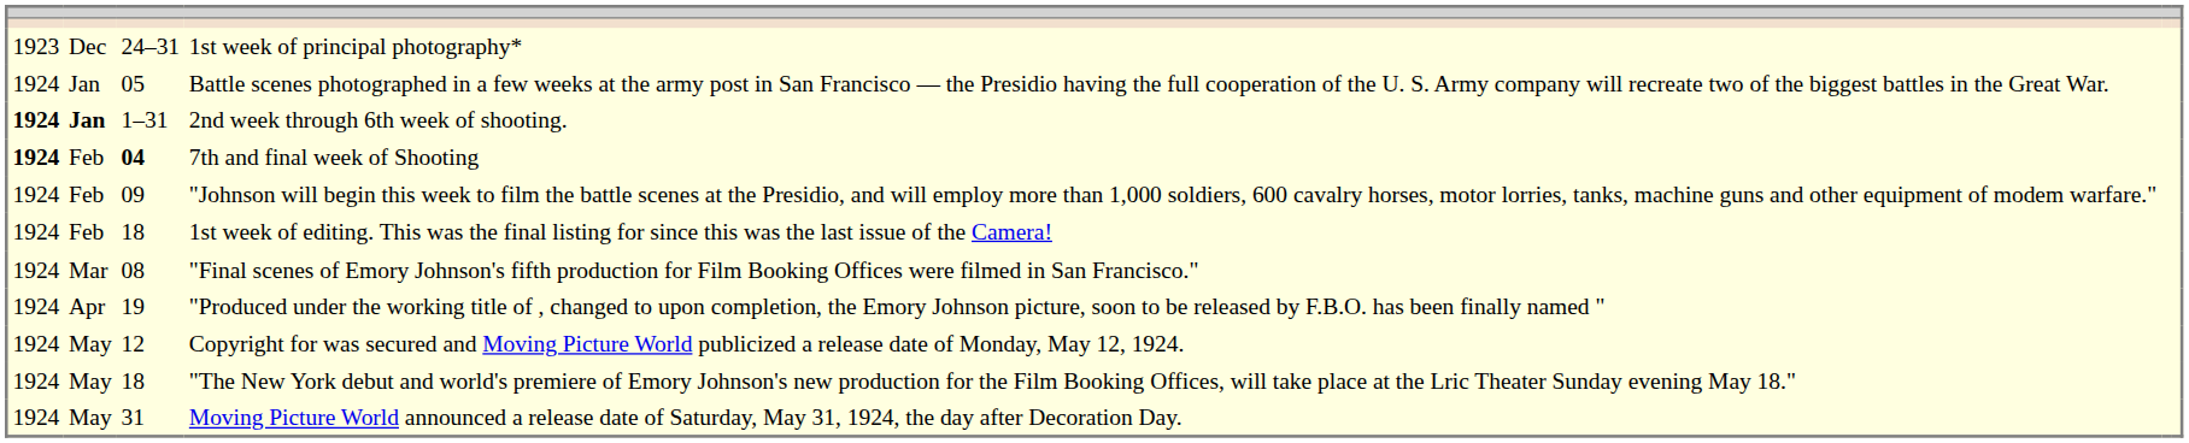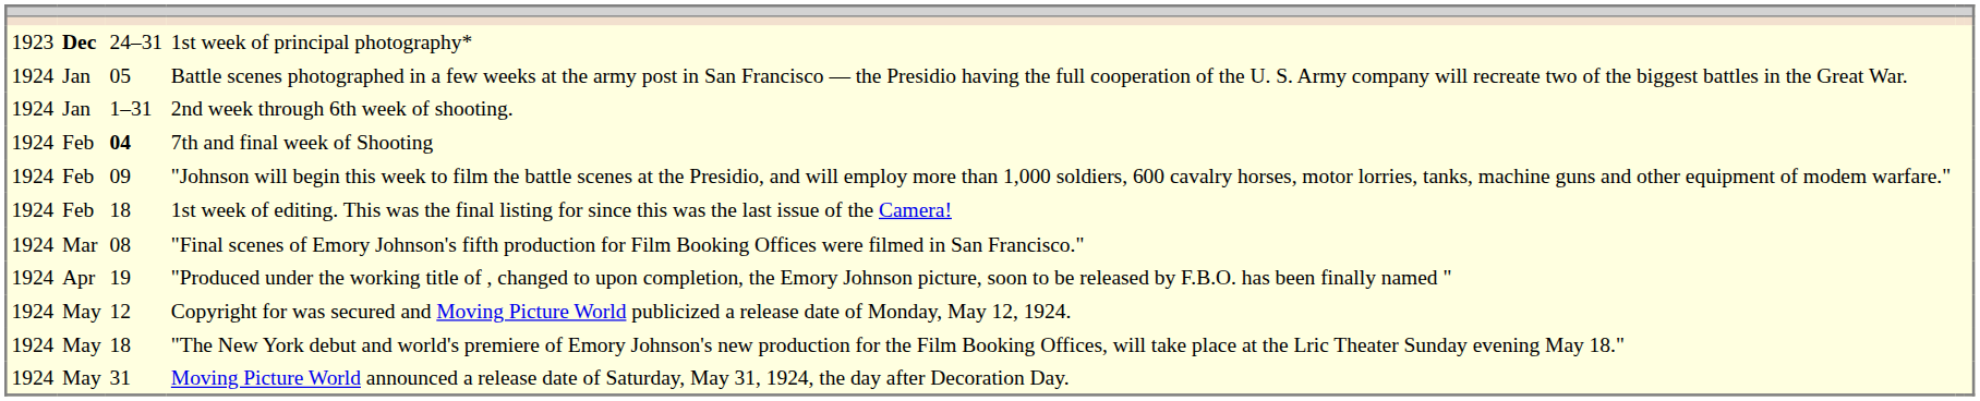 <table class="wikitable sortable mw-collapsible " style="background:lightyellow; border:2px solid gray;font-size:95%">
 <tr>
 <th colspan="6" style="border:1px solid #808080;background:lightgrey;"></th>
 </tr>
 <tr>
 <th style="border:0px solid #FFFAF5; background:#F2E0CE"></th>
 <th style="border:0px solid #FFFAF5; background:#F2E0CE"></th>
 <th style="border:0px solid #FFFAF5; background:#F2E0CE"></th>
 <th style="border:0px solid #FFFAF5; background:#F2E0CE"></th>
 <th style="border:0px solid #FFFAF5; background:#F2E0CE"></th>
 <th style="border:0px solid #FFFAF5; background:#F2E0CE"></th>
 </tr>
 <tr>
 <td style="border:0px  lightyellow">1923</td>
-<td style="border:0px  lightyellow">Dec</td>
+<td style="border:0px  lightyellow"><strong>Dec</strong></td>
 <td style="border:0px  lightyellow">24–31</td>
 <td style="border:0px  lightyellow">1st week of principal photography*</td>
 <td style="border:0px lightyellow"></td>
 </tr>
 <tr>
 </tr>
 <tr>
 <td style="border:0px  lightyellow">1924</td>
 <td style="border:0px  lightyellow">Jan</td>
 <td style="border:0px  lightyellow">05</td>
 <td style="border:0px  lightyellow">Battle scenes photographed in a few weeks at the army post in San Francisco — the Presidio having the full cooperation of the U. S. Army company will recreate two of the biggest battles in the Great War.</td>
 <td style="border:0px  lightyellow"></td>
 </tr>
 <tr>
-<td style="border:0px  lightyellow"><strong>1924</strong></td>
-<td style="border:0px  lightyellow"><strong>Jan</strong></td>
+<td style="border:0px  lightyellow">1924</td>
+<td style="border:0px  lightyellow">Jan</td>
 <td style="border:0px  lightyellow">1–31</td>
 <td style="border:0px  lightyellow">2nd week through 6th week of shooting.</td>
 <td style="border:0px  lightyellow"></td>
 </tr>
 <tr>
-<td style="border:0px  lightyellow"><strong>1924</strong></td>
+<td style="border:0px  lightyellow">1924</td>
 <td style="border:0px  lightyellow">Feb</td>
 <td style="border:0px  lightyellow"><strong>04</strong></td>
 <td style="border:0px  lightyellow">7th and final week of Shooting</td>
 <td style="border:0px  lightyellow"></td>
 </tr>
 <tr>
 <td style="border:0px  lightyellow">1924</td>
 <td style="border:0px  lightyellow">Feb</td>
 <td style="border:0px  lightyellow">09</td>
 <td style="border:0px  lightyellow">"Johnson will begin this week to film the battle scenes at the Presidio, and will employ more than 1,000 soldiers, 600 cavalry horses, motor lorries, tanks, machine guns and other equipment of modem warfare."</td>
 <td style="border:0px  lightyellow"></td>
 </tr>
 <tr>
 <td style="border:0px  lightyellow">1924</td>
 <td style="border:0px  lightyellow">Feb</td>
 <td style="border:0px  lightyellow">18</td>
 <td style="border:0px  lightyellow">1st week of editing. This was the final listing for  since this was the last issue of the <a href='#'>Camera!</a></td>
 <td style="border:0px  lightyellow"></td>
 </tr>
 <tr>
 <td style="border:0px  lightyellow">1924</td>
 <td style="border:0px  lightyellow">Mar</td>
 <td style="border:0px  lightyellow">08</td>
 <td style="border:0px  lightyellow">"Final scenes of Emory Johnson's fifth production for Film Booking Offices were filmed in San Francisco."</td>
 <td style="border:0px  lightyellow"></td>
 </tr>
 <tr>
 <td style="border:0px  lightyellow">1924</td>
 <td style="border:0px  lightyellow">Apr</td>
 <td style="border:0px  lightyellow">19</td>
 <td style="border:0px  lightyellow">"Produced under the working title of , changed to  upon completion, the Emory Johnson picture, soon to be released by F.B.O. has been finally named "</td>
 <td style="border:0px  lightyellow"></td>
 </tr>
 <tr>
 <td style="border:0px  lightyellow">1924</td>
 <td style="border:0px  lightyellow">May</td>
 <td style="border:0px  lightyellow">12</td>
 <td style="border:0px  lightyellow">Copyright for  was secured and <a href='#'>Moving Picture World</a> publicized a release date of Monday, May 12, 1924.</td>
 <td style="border:0px  lightyellow"></td>
 </tr>
 <tr>
 <td style="border:0px  lightyellow">1924</td>
 <td style="border:0px  lightyellow">May</td>
 <td style="border:0px  lightyellow">18</td>
 <td style="border:0px  lightyellow">"The New York debut and world's premiere of Emory Johnson's new production for the Film Booking Offices,  will take place at the Lric Theater Sunday evening May 18."</td>
 <td style="border:0px  lightyellow"></td>
 </tr>
 <tr>
 <td style="border:0px  lightyellow">1924</td>
 <td style="border:0px  lightyellow">May</td>
 <td style="border:0px  lightyellow">31</td>
 <td style="border:0px  lightyellow"><a href='#'>Moving Picture World</a> announced a release date of Saturday, May 31, 1924, the day after Decoration Day.</td>
 <td style="border:0px  lightyellow"></td>
 </tr>
 <tr>
 </tr>
 </table>
